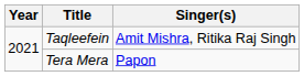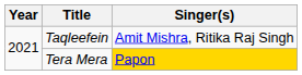 <table class="wikitable plainrowheaders ">
 <tr>
 <th scope="col">Year</th>
 <th scope="col">Title</th>
 <th scope="col">Singer(s)</th>
 </tr>
 <tr>
 <td style="text-align:center;" rowspan=2>2021</td>
 <td scope="row"><em>Taqleefein</em></td>
 <td><a href='#'>Amit Mishra</a>, Ritika Raj Singh</td>
 </tr>
 <tr>
 <td scope="row"><em>Tera Mera</em></td>
-<td><a href='#'>Papon</a></td>
+<td style="background: gold;"><a href='#'>Papon</a></td>
 </tr>
 </table>
